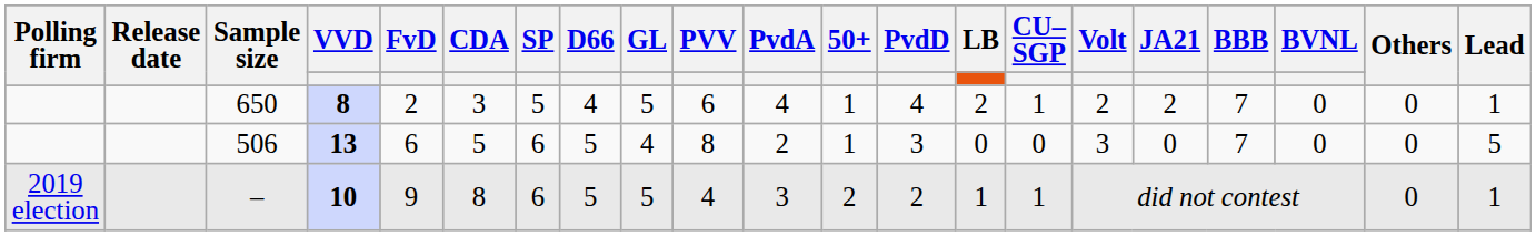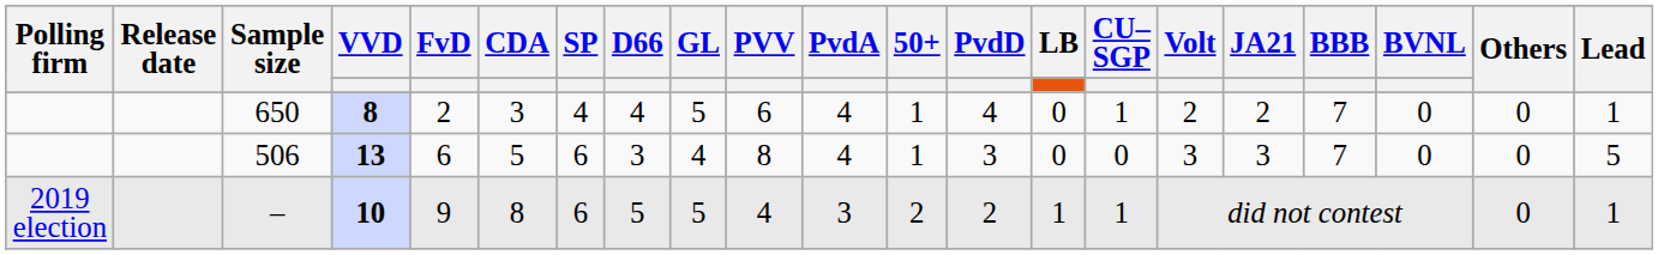 <table class="wikitable sortable tpl-blanktable" style="text-align:center;font-size:90%;line-height:14px;">
 <tr>
 <th rowspan="2">Polling firm</th>
 <th rowspan="2">Release<br>date</th>
 <th rowspan="2">Sample<br>size</th>
 <th class="unsortable" style="width:30px;"><a href='#'>VVD</a></th>
 <th class="unsortable" style="width:30px;"><a href='#'>FvD</a></th>
 <th class="unsortable" style="width:30px;"><a href='#'>CDA</a></th>
 <th class="unsortable" style="width:30px;"><a href='#'>SP</a></th>
 <th class="unsortable" style="width:30px;"><a href='#'>D66</a></th>
 <th class="unsortable" style="width:30px;"><a href='#'>GL</a></th>
 <th class="unsortable" style="width:30px;"><a href='#'>PVV</a></th>
 <th class="unsortable" style="width:30px;"><a href='#'>PvdA</a></th>
 <th class="unsortable" style="width:30px;"><a href='#'>50+</a></th>
 <th class="unsortable" style="width:30px;"><a href='#'>PvdD</a></th>
 <th class="unsortable" style="width:30px;">LB </th>
 <th class="unsortable" style="width:30px;"><a href='#'>CU–SGP</a></th>
 <th class="unsortable" style="width:30px;"><a href='#'>Volt</a></th>
 <th class="unsortable" style="width:30px;"><a href='#'>JA21</a></th>
 <th class="unsortable" style="width:30px;"><a href='#'>BBB</a></th>
 <th class="unsortable" style="width:30px;"><a href='#'>BVNL</a></th>
 <th class="unsortable" style="width:30px;" rowspan="2">Others</th>
 <th rowspan="2">Lead</th>
 </tr>
 <tr>
 <th data-sort-type="number" style="background:"></th>
 <th data-sort-type="number" style="background:"></th>
 <th data-sort-type="number" style="background:"></th>
 <th data-sort-type="number" style="background:"></th>
 <th data-sort-type="number" style="background:"></th>
 <th data-sort-type="number" style="background:"></th>
 <th data-sort-type="number" style="background:"></th>
 <th data-sort-type="number" style="background:"></th>
 <th data-sort-type="number" style="background:"></th>
 <th data-sort-type="number" style="background:"></th>
 <th data-sort-type="number" style="background:#E9540d;"></th>
 <th data-sort-type="number" style="background:"></th>
 <th data-sort-type="number" style="background:"></th>
 <th data-sort-type="number" style="background:"></th>
 <th data-sort-type="number" style="background:"></th>
 <th data-sort-type="number" style="background:"></th>
 </tr>
 <tr>
 <td></td>
 <td></td>
 <td>650</td>
 <td style="background:#CED7FD;"><strong>8</strong></td>
 <td>2</td>
 <td>3</td>
-<td>5</td>
+<td>4</td>
 <td>4</td>
 <td>5</td>
 <td>6</td>
 <td>4</td>
 <td>1</td>
 <td>4</td>
-<td>2</td>
+<td>0</td>
 <td>1</td>
 <td>2</td>
 <td>2</td>
 <td>7</td>
 <td>0</td>
 <td>0</td>
 <td style="background:">1</td>
 </tr>
 <tr>
 <td></td>
 <td></td>
 <td>506</td>
 <td style="background:#CED7FD;"><strong>13</strong></td>
 <td>6</td>
 <td>5</td>
 <td>6</td>
-<td>5</td>
+<td>3</td>
 <td>4</td>
 <td>8</td>
-<td>2</td>
+<td>4</td>
 <td>1</td>
 <td>3</td>
 <td>0</td>
 <td>0</td>
 <td>3</td>
-<td>0</td>
+<td>3</td>
 <td>7</td>
 <td>0</td>
 <td>0</td>
 <td style="background:">5</td>
 </tr>
 <tr style="background:#E9E9E9;">
 <td><a href='#'>2019 election</a></td>
 <td></td>
 <td>–</td>
 <td style="background:#CED7FD;"><strong>10</strong></td>
 <td>9</td>
 <td>8</td>
 <td>6</td>
 <td>5</td>
 <td>5</td>
 <td>4</td>
 <td>3</td>
 <td>2</td>
 <td>2</td>
 <td>1</td>
 <td>1</td>
 <td colspan=4><em>did not contest</em></td>
 <td>0</td>
 <td style="background:">1</td>
 </tr>
 </table>
